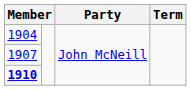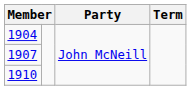 <table class="wikitable">
 <tr>
 <th colspan="2">Member</th>
 <th>Party</th>
 <th>Term</th>
 </tr>
 <tr>
 <td><a href='#'>1904</a></td>
 <td rowspan="3" > </td>
 <td rowspan="3"><a href='#'>John McNeill</a></td>
 <td rowspan="3"></td>
 </tr>
 <tr>
 <td><a href='#'>1907</a></td>
 </tr>
 <tr>
-<td><strong><a href='#'>1910</a></strong></td>
+<td><a href='#'>1910</a></td>
 </tr>
 </table>
